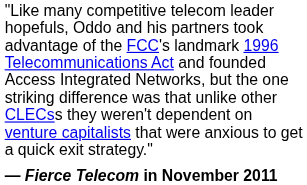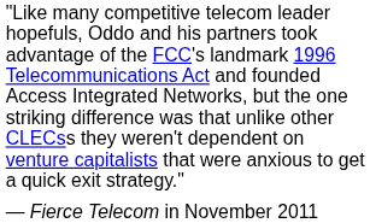 <table class="toccolours" style="float: right; margin-left: 2em; margin-right: 0em; font-size: 85%; background:offwhite; color:black; width:20em; max-width: 40%;" cellspacing="5">
 <tr>
 <td style="text-align: left;">"Like many competitive telecom leader hopefuls, Oddo and his partners took advantage of the <a href='#'>FCC</a>'s landmark <a href='#'>1996 Telecommunications Act</a> and founded Access Integrated Networks, but the one striking difference was that unlike other <a href='#'>CLECs</a>s they weren't dependent on <a href='#'>venture capitalists</a> that were anxious to get a quick exit strategy."</td>
 </tr>
 <tr>
-<td style="text-align: left;"><strong>— <em>Fierce Telecom</em> in November 2011</strong></td>
+<td style="text-align: left;">— <em>Fierce Telecom</em> in November 2011</td>
 </tr>
 </table>
